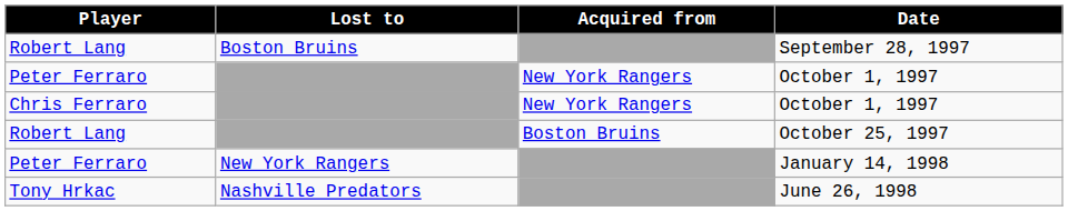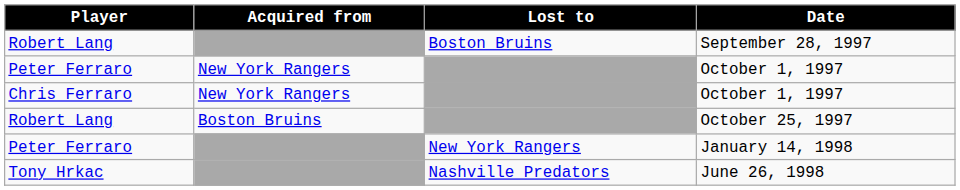 <table class="wikitable" style="width:60em">
 <tr style="text-align:center; background:#ddd;">
 <th style="color:white; background:#000000; ">Player</th>
+<th style="color:white; background:#000000; ">Acquired from</th>
 <th style="color:white; background:#000000; ">Lost to</th>
-<th style="color:white; background:#000000; ">Acquired from</th>
 <th style="color:white; background:#000000; ">Date</th>
+</tr>
+<tr>
+<td><a href='#'>Robert Lang</a></td>
+<td style="background:darkgray;"></td>
+<td><a href='#'>Boston Bruins</a></td>
+<td>September 28, 1997</td>
+</tr>
+<tr>
+<td><a href='#'>Peter Ferraro</a></td>
+<td><a href='#'>New York Rangers</a></td>
+<td style="background:darkgray;"></td>
+<td>October 1, 1997</td>
+</tr>
+<tr>
+<td><a href='#'>Chris Ferraro</a></td>
+<td><a href='#'>New York Rangers</a></td>
+<td style="background:darkgray;"></td>
+<td>October 1, 1997</td>
 </tr>
 <tr>
 <td><a href='#'>Robert Lang</a></td>
 <td><a href='#'>Boston Bruins</a></td>
 <td style="background:darkgray;"></td>
-<td>September 28, 1997</td>
+<td>October 25, 1997</td>
 </tr>
 <tr>
 <td><a href='#'>Peter Ferraro</a></td>
 <td style="background:darkgray;"></td>
 <td><a href='#'>New York Rangers</a></td>
-<td>October 1, 1997</td>
-</tr>
-<tr>
-<td><a href='#'>Chris Ferraro</a></td>
-<td style="background:darkgray;"></td>
-<td><a href='#'>New York Rangers</a></td>
-<td>October 1, 1997</td>
-</tr>
-<tr>
-<td><a href='#'>Robert Lang</a></td>
-<td style="background:darkgray;"></td>
-<td><a href='#'>Boston Bruins</a></td>
-<td>October 25, 1997</td>
-</tr>
-<tr>
-<td><a href='#'>Peter Ferraro</a></td>
-<td><a href='#'>New York Rangers</a></td>
-<td style="background:darkgray;"></td>
 <td>January 14, 1998</td>
 </tr>
 <tr>
 <td><a href='#'>Tony Hrkac</a></td>
+<td style="background:darkgray;"></td>
 <td><a href='#'>Nashville Predators</a></td>
-<td style="background:darkgray;"></td>
 <td>June 26, 1998</td>
 </tr>
 </table>
